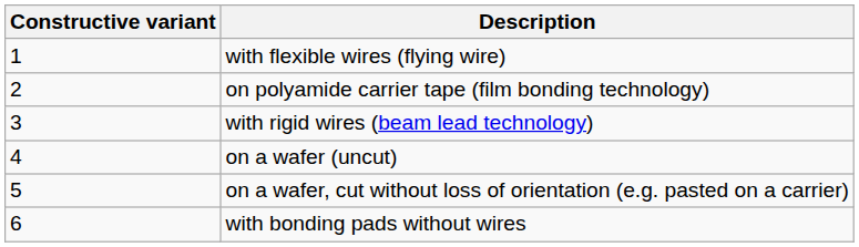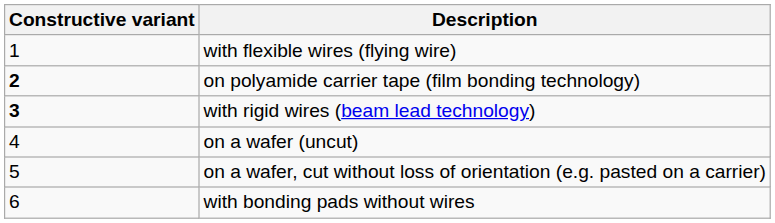 <table class="wikitable">
 <tr>
 <th>Constructive variant</th>
 <th>Description</th>
 </tr>
 <tr>
 <td>1</td>
 <td>with flexible wires (flying wire)</td>
 </tr>
 <tr>
-<td>2</td>
+<td><strong>2</strong></td>
 <td>on polyamide carrier tape (film bonding technology)</td>
 </tr>
 <tr>
-<td>3</td>
+<td><strong>3</strong></td>
 <td>with rigid wires (<a href='#'>beam lead technology</a>)</td>
 </tr>
 <tr>
 <td>4</td>
 <td>on a wafer (uncut)</td>
 </tr>
 <tr>
 <td>5</td>
 <td>on a wafer, cut without loss of orientation (e.g. pasted on a carrier)</td>
 </tr>
 <tr>
 <td>6</td>
 <td>with bonding pads without wires</td>
 </tr>
 </table>
